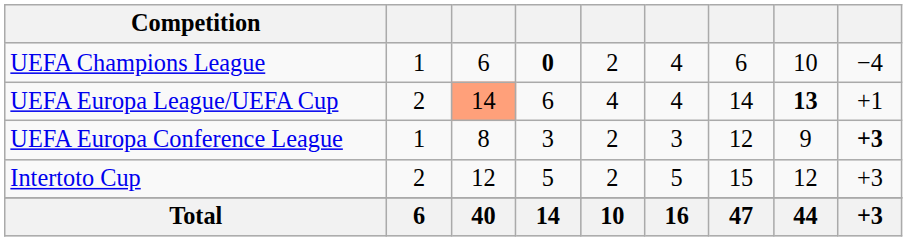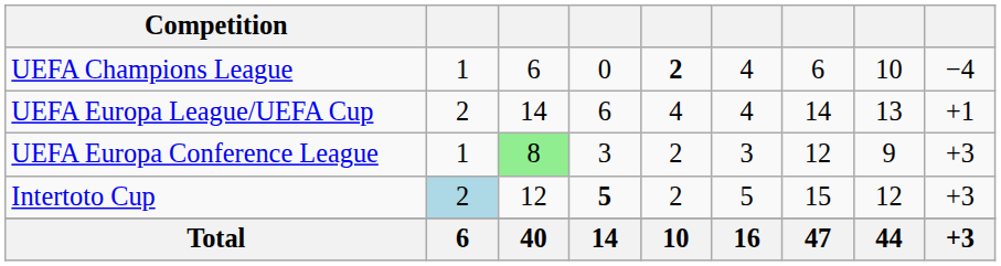 <table class="wikitable" style="text-align: center;">
 <tr>
 <th width="244">Competition</th>
 <th width="35"></th>
 <th width="35"></th>
 <th width="35"></th>
 <th width="35"></th>
 <th width="35"></th>
 <th width="35"></th>
 <th width="35"></th>
 <th width="35"></th>
 </tr>
 <tr>
 <td style="text-align:left;"><a href='#'>UEFA Champions League</a></td>
 <td>1</td>
 <td>6</td>
-<td><strong>0</strong></td>
-<td>2</td>
+<td>0</td>
+<td><strong>2</strong></td>
 <td>4</td>
 <td>6</td>
 <td>10</td>
 <td>−4</td>
 </tr>
 <tr>
 <td style="text-align:left;"><a href='#'>UEFA Europa League/UEFA Cup</a></td>
 <td>2</td>
-<td style="background: lightsalmon;">14</td>
+<td>14</td>
 <td>6</td>
 <td>4</td>
 <td>4</td>
 <td>14</td>
-<td><strong>13</strong></td>
+<td>13</td>
 <td>+1</td>
 </tr>
 <tr>
 <td style="text-align:left;"><a href='#'>UEFA Europa Conference League</a></td>
 <td>1</td>
-<td>8</td>
+<td style="background: lightgreen;">8</td>
 <td>3</td>
 <td>2</td>
 <td>3</td>
 <td>12</td>
 <td>9</td>
-<td><strong>+3</strong></td>
+<td>+3</td>
 </tr>
 <tr>
 <td style="text-align:left;"><a href='#'>Intertoto Cup</a></td>
-<td>2</td>
+<td style="background: lightblue;">2</td>
 <td>12</td>
-<td>5</td>
+<td><strong>5</strong></td>
 <td>2</td>
 <td>5</td>
 <td>15</td>
 <td>12</td>
 <td>+3</td>
 </tr>
 <tr>
 </tr>
 <tr class="sortbottom">
 <th>Total</th>
 <th>6</th>
 <th>40</th>
 <th>14</th>
 <th>10</th>
 <th>16</th>
 <th>47</th>
 <th>44</th>
 <th>+3</th>
 </tr>
 </table>
